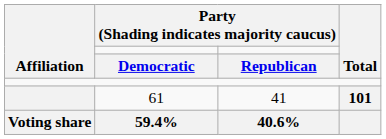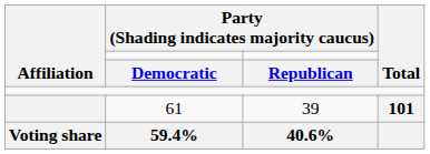 <table class=wikitable style="text-align:center">
 <tr style="vertical-align:bottom;">
 <th rowspan=3>Affiliation</th>
 <th colspan=2>Party <div>(Shading indicates majority caucus)</div></th>
 <th rowspan=3>Total</th>
 </tr>
 <tr style="height:5px">
 <td style="background-color:"></td>
 <td style="background-color:"></td>
 </tr>
 <tr>
 <th><a href='#'>Democratic</a></th>
 <th><a href='#'>Republican</a></th>
 </tr>
 <tr>
 <td colspan=5></td>
 </tr>
 <tr>
 <th nowrap style="font-size:80%"></th>
 <td>61</td>
-<td>41</td>
+<td>39</td>
 <th>101</th>
 </tr>
 <tr>
 <th>Voting share</th>
 <th>59.4%</th>
 <th>40.6%</th>
 <th colspan=2></th>
 </tr>
 </table>
